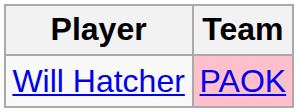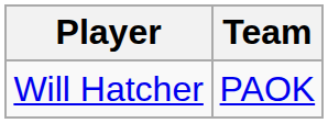 <table class="wikitable">
 <tr>
 <th>Player</th>
 <th>Team</th>
 </tr>
 <tr>
 <td> <a href='#'>Will Hatcher</a></td>
-<td style="background: pink;"><a href='#'>PAOK</a></td>
+<td><a href='#'>PAOK</a></td>
 </tr>
 </table>
